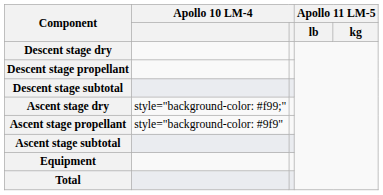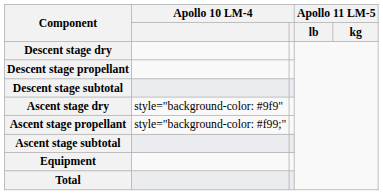 <table class="wikitable plainrowheaders floatright">
 <tr>
 <th scope="col" rowspan=2>Component</th>
 <th scope="col" colspan=2>Apollo 10 LM-4</th>
 <th scope="col" colspan=2>Apollo 11 LM-5</th>
 </tr>
 <tr>
 <th scope="col"></th>
 <th scope="col"></th>
 <th scope="col">lb</th>
 <th scope="col">kg</th>
 </tr>
 <tr>
 <th scope="row">Descent stage dry</th>
 <td></td>
 <td></td>
 </tr>
 <tr>
 <th scope="row">Descent stage propellant</th>
 <td></td>
 <td></td>
 </tr>
 <tr style="font-weight: bold; background-color: #EAECF0;">
 <th scope="row" style="font-weight: bold;">Descent stage subtotal</th>
 <td></td>
 <td></td>
 </tr>
 <tr>
 <th scope="row">Ascent stage dry</th>
-<td>style="background-color: #f99;" </td>
+<td>style="background-color: #9f9" </td>
 <td></td>
 </tr>
 <tr>
 <th scope="row">Ascent stage propellant</th>
-<td>style="background-color: #9f9" </td>
+<td>style="background-color: #f99;" </td>
 <td></td>
 </tr>
 <tr style="font-weight: bold; background-color:#EAECF0;">
 <th scope="row" style="font-weight: bold;">Ascent stage subtotal</th>
 <td></td>
 <td></td>
 </tr>
 <tr>
 <th scope="row">Equipment</th>
 <td></td>
 <td></td>
 </tr>
 <tr style="font-weight: bold; background-color:#EAECF0;">
 <th scope="row" style="font-weight: bold;">Total</th>
 <td></td>
 <td></td>
 </tr>
 </table>
